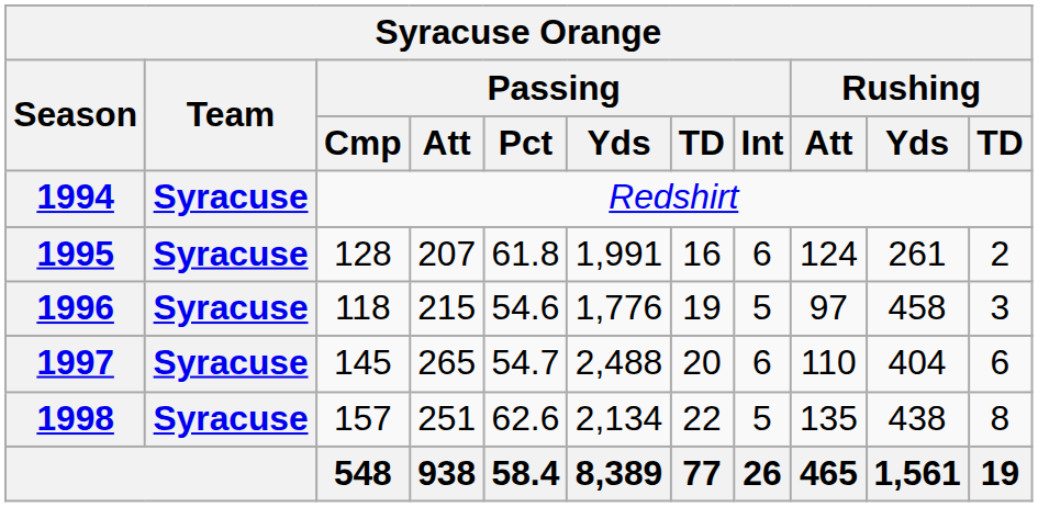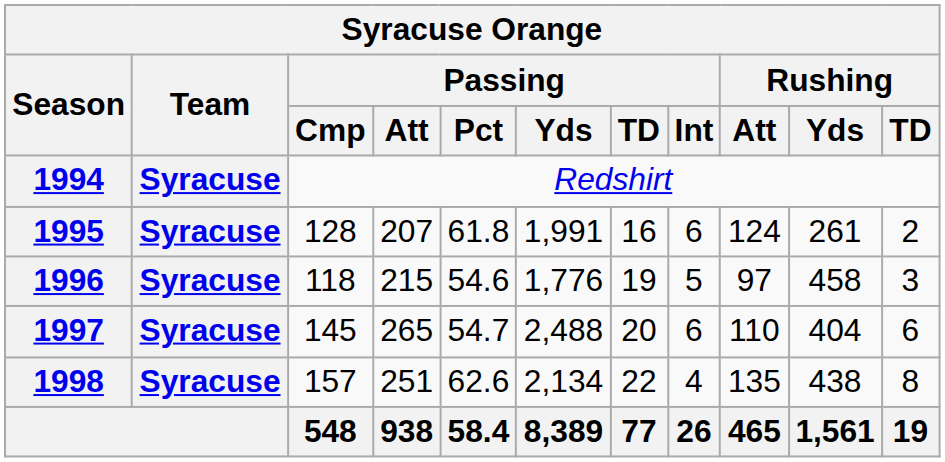 <table class="wikitable" style=text-align:center;">
 <tr>
 <th colspan="13">Syracuse Orange</th>
 </tr>
 <tr>
 <th rowspan="2">Season</th>
 <th rowspan="2">Team</th>
 <th colspan="6">Passing</th>
 <th colspan="3">Rushing</th>
 </tr>
 <tr>
 <th>Cmp</th>
 <th>Att</th>
 <th>Pct</th>
 <th>Yds</th>
 <th>TD</th>
 <th>Int</th>
 <th>Att</th>
 <th>Yds</th>
 <th>TD</th>
 </tr>
 <tr>
 <th><a href='#'>1994</a></th>
 <th><a href='#'>Syracuse</a></th>
 <td colspan="9"> <em><a href='#'>Redshirt</a></em></td>
 </tr>
 <tr>
 <th><a href='#'>1995</a></th>
 <th><a href='#'>Syracuse</a></th>
 <td>128</td>
 <td>207</td>
 <td>61.8</td>
 <td>1,991</td>
 <td>16</td>
 <td>6</td>
 <td>124</td>
 <td>261</td>
 <td>2</td>
 </tr>
 <tr>
 <th><a href='#'>1996</a></th>
 <th><a href='#'>Syracuse</a></th>
 <td>118</td>
 <td>215</td>
 <td>54.6</td>
 <td>1,776</td>
 <td>19</td>
 <td>5</td>
 <td>97</td>
 <td>458</td>
 <td>3</td>
 </tr>
 <tr>
 <th><a href='#'>1997</a></th>
 <th><a href='#'>Syracuse</a></th>
 <td>145</td>
 <td>265</td>
 <td>54.7</td>
 <td>2,488</td>
 <td>20</td>
 <td>6</td>
 <td>110</td>
 <td>404</td>
 <td>6</td>
 </tr>
 <tr>
 <th><a href='#'>1998</a></th>
 <th><a href='#'>Syracuse</a></th>
 <td>157</td>
 <td>251</td>
 <td>62.6</td>
 <td>2,134</td>
 <td>22</td>
-<td>5</td>
+<td>4</td>
 <td>135</td>
 <td>438</td>
 <td>8</td>
 </tr>
 <tr>
 <th colspan="2"></th>
 <th>548</th>
 <th>938</th>
 <th>58.4</th>
 <th>8,389</th>
 <th>77</th>
 <th>26</th>
 <th>465</th>
 <th>1,561</th>
 <th>19</th>
 </tr>
 </table>
